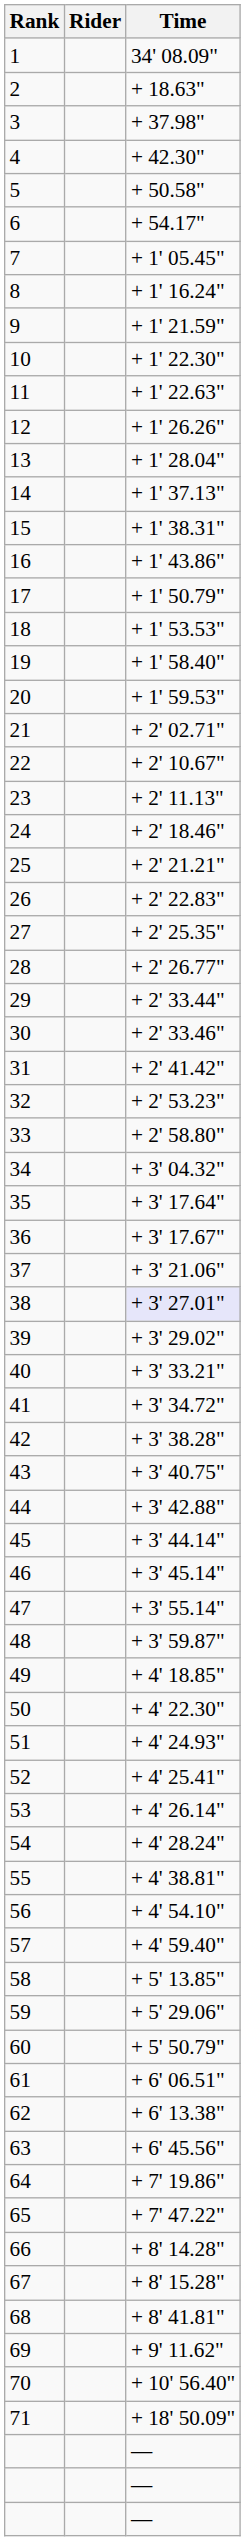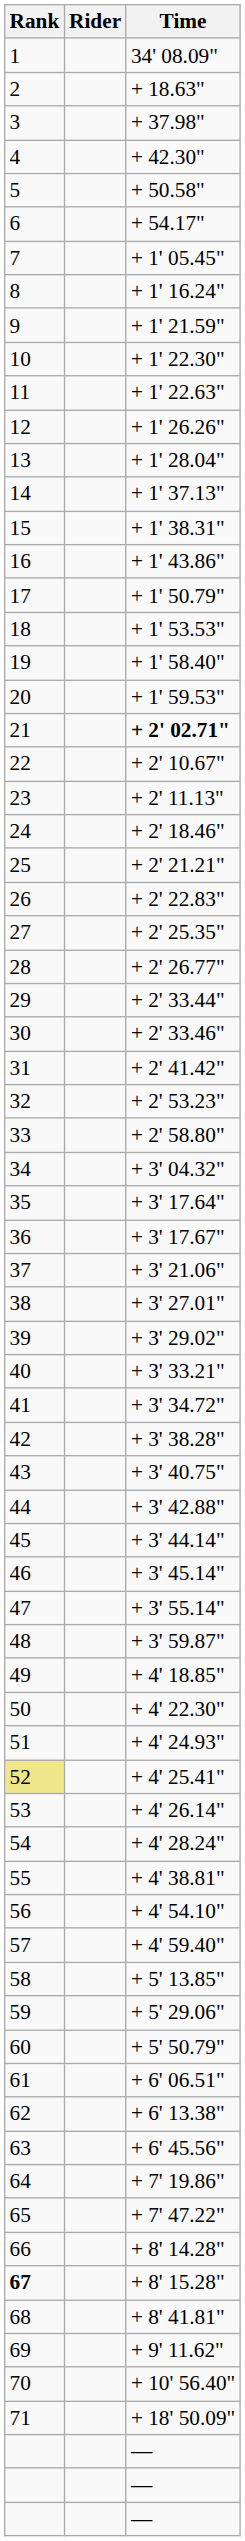 <table class="wikitable">
 <tr>
 <th>Rank</th>
 <th>Rider</th>
 <th>Time</th>
 </tr>
 <tr>
 <td>1</td>
 <td></td>
 <td>34' 08.09"</td>
 </tr>
 <tr>
 <td>2</td>
 <td></td>
 <td>+ 18.63"</td>
 </tr>
 <tr>
 <td>3</td>
 <td></td>
 <td>+ 37.98"</td>
 </tr>
 <tr>
 <td>4</td>
 <td></td>
 <td>+ 42.30"</td>
 </tr>
 <tr>
 <td>5</td>
 <td></td>
 <td>+ 50.58"</td>
 </tr>
 <tr>
 <td>6</td>
 <td></td>
 <td>+ 54.17"</td>
 </tr>
 <tr>
 <td>7</td>
 <td></td>
 <td>+ 1' 05.45"</td>
 </tr>
 <tr>
 <td>8</td>
 <td></td>
 <td>+ 1' 16.24"</td>
 </tr>
 <tr>
 <td>9</td>
 <td></td>
 <td>+ 1' 21.59"</td>
 </tr>
 <tr>
 <td>10</td>
 <td></td>
 <td>+ 1' 22.30"</td>
 </tr>
 <tr>
 <td>11</td>
 <td></td>
 <td>+ 1' 22.63"</td>
 </tr>
 <tr>
 <td>12</td>
 <td></td>
 <td>+ 1' 26.26"</td>
 </tr>
 <tr>
 <td>13</td>
 <td></td>
 <td>+ 1' 28.04"</td>
 </tr>
 <tr>
 <td>14</td>
 <td></td>
 <td>+ 1' 37.13"</td>
 </tr>
 <tr>
 <td>15</td>
 <td></td>
 <td>+ 1' 38.31"</td>
 </tr>
 <tr>
 <td>16</td>
 <td></td>
 <td>+ 1' 43.86"</td>
 </tr>
 <tr>
 <td>17</td>
 <td></td>
 <td>+ 1' 50.79"</td>
 </tr>
 <tr>
 <td>18</td>
 <td></td>
 <td>+ 1' 53.53"</td>
 </tr>
 <tr>
 <td>19</td>
 <td></td>
 <td>+ 1' 58.40"</td>
 </tr>
 <tr>
 <td>20</td>
 <td></td>
 <td>+ 1' 59.53"</td>
 </tr>
 <tr>
 <td>21</td>
 <td></td>
-<td>+ 2' 02.71"</td>
+<td><strong>+ 2' 02.71"</strong></td>
 </tr>
 <tr>
 <td>22</td>
 <td></td>
 <td>+ 2' 10.67"</td>
 </tr>
 <tr>
 <td>23</td>
 <td></td>
 <td>+ 2' 11.13"</td>
 </tr>
 <tr>
 <td>24</td>
 <td></td>
 <td>+ 2' 18.46"</td>
 </tr>
 <tr>
 <td>25</td>
 <td></td>
 <td>+ 2' 21.21"</td>
 </tr>
 <tr>
 <td>26</td>
 <td></td>
 <td>+ 2' 22.83"</td>
 </tr>
 <tr>
 <td>27</td>
 <td></td>
 <td>+ 2' 25.35"</td>
 </tr>
 <tr>
 <td>28</td>
 <td></td>
 <td>+ 2' 26.77"</td>
 </tr>
 <tr>
 <td>29</td>
 <td></td>
 <td>+ 2' 33.44"</td>
 </tr>
 <tr>
 <td>30</td>
 <td></td>
 <td>+ 2' 33.46"</td>
 </tr>
 <tr>
 <td>31</td>
 <td></td>
 <td>+ 2' 41.42"</td>
 </tr>
 <tr>
 <td>32</td>
 <td></td>
 <td>+ 2' 53.23"</td>
 </tr>
 <tr>
 <td>33</td>
 <td></td>
 <td>+ 2' 58.80"</td>
 </tr>
 <tr>
 <td>34</td>
 <td></td>
 <td>+ 3' 04.32"</td>
 </tr>
 <tr>
 <td>35</td>
 <td></td>
 <td>+ 3' 17.64"</td>
 </tr>
 <tr>
 <td>36</td>
 <td></td>
 <td>+ 3' 17.67"</td>
 </tr>
 <tr>
 <td>37</td>
 <td></td>
 <td>+ 3' 21.06"</td>
 </tr>
 <tr>
 <td>38</td>
 <td></td>
-<td style="background: lavender;">+ 3' 27.01"</td>
+<td>+ 3' 27.01"</td>
 </tr>
 <tr>
 <td>39</td>
 <td></td>
 <td>+ 3' 29.02"</td>
 </tr>
 <tr>
 <td>40</td>
 <td></td>
 <td>+ 3' 33.21"</td>
 </tr>
 <tr>
 <td>41</td>
 <td></td>
 <td>+ 3' 34.72"</td>
 </tr>
 <tr>
 <td>42</td>
 <td></td>
 <td>+ 3' 38.28"</td>
 </tr>
 <tr>
 <td>43</td>
 <td></td>
 <td>+ 3' 40.75"</td>
 </tr>
 <tr>
 <td>44</td>
 <td></td>
 <td>+ 3' 42.88"</td>
 </tr>
 <tr>
 <td>45</td>
 <td></td>
 <td>+ 3' 44.14"</td>
 </tr>
 <tr>
 <td>46</td>
 <td></td>
 <td>+ 3' 45.14"</td>
 </tr>
 <tr>
 <td>47</td>
 <td></td>
 <td>+ 3' 55.14"</td>
 </tr>
 <tr>
 <td>48</td>
 <td></td>
 <td>+ 3' 59.87"</td>
 </tr>
 <tr>
 <td>49</td>
 <td></td>
 <td>+ 4' 18.85"</td>
 </tr>
 <tr>
 <td>50</td>
 <td></td>
 <td>+ 4' 22.30"</td>
 </tr>
 <tr>
 <td>51</td>
 <td></td>
 <td>+ 4' 24.93"</td>
 </tr>
 <tr>
-<td>52</td>
+<td style="background: khaki;">52</td>
 <td></td>
 <td>+ 4' 25.41"</td>
 </tr>
 <tr>
 <td>53</td>
 <td></td>
 <td>+ 4' 26.14"</td>
 </tr>
 <tr>
 <td>54</td>
 <td></td>
 <td>+ 4' 28.24"</td>
 </tr>
 <tr>
 <td>55</td>
 <td></td>
 <td>+ 4' 38.81"</td>
 </tr>
 <tr>
 <td>56</td>
 <td></td>
 <td>+ 4' 54.10"</td>
 </tr>
 <tr>
 <td>57</td>
 <td></td>
 <td>+ 4' 59.40"</td>
 </tr>
 <tr>
 <td>58</td>
 <td></td>
 <td>+ 5' 13.85"</td>
 </tr>
 <tr>
 <td>59</td>
 <td></td>
 <td>+ 5' 29.06"</td>
 </tr>
 <tr>
 <td>60</td>
 <td></td>
 <td>+ 5' 50.79"</td>
 </tr>
 <tr>
 <td>61</td>
 <td></td>
 <td>+ 6' 06.51"</td>
 </tr>
 <tr>
 <td>62</td>
 <td></td>
 <td>+ 6' 13.38"</td>
 </tr>
 <tr>
 <td>63</td>
 <td></td>
 <td>+ 6' 45.56"</td>
 </tr>
 <tr>
 <td>64</td>
 <td></td>
 <td>+ 7' 19.86"</td>
 </tr>
 <tr>
 <td>65</td>
 <td></td>
 <td>+ 7' 47.22"</td>
 </tr>
 <tr>
 <td>66</td>
 <td></td>
 <td>+ 8' 14.28"</td>
 </tr>
 <tr>
-<td>67</td>
+<td><strong>67</strong></td>
 <td></td>
 <td>+ 8' 15.28"</td>
 </tr>
 <tr>
 <td>68</td>
 <td></td>
 <td>+ 8' 41.81"</td>
 </tr>
 <tr>
 <td>69</td>
 <td></td>
 <td>+ 9' 11.62"</td>
 </tr>
 <tr>
 <td>70</td>
 <td></td>
 <td>+ 10' 56.40"</td>
 </tr>
 <tr>
 <td>71</td>
 <td></td>
 <td>+ 18' 50.09"</td>
 </tr>
 <tr>
 <td></td>
 <td></td>
 <td>—</td>
 </tr>
 <tr>
 <td></td>
 <td></td>
 <td>—</td>
 </tr>
 <tr>
 <td></td>
 <td></td>
 <td>—</td>
 </tr>
 </table>
